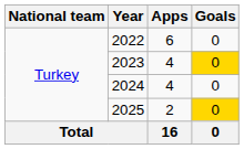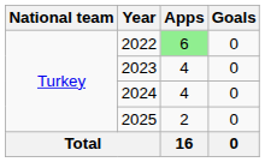 <table class="wikitable" style="text-align:center">
 <tr>
 <th>National team</th>
 <th>Year</th>
 <th>Apps</th>
 <th>Goals</th>
 </tr>
 <tr>
 <td rowspan="4"><a href='#'>Turkey</a></td>
 <td>2022</td>
-<td>6</td>
+<td style="background: lightgreen;">6</td>
 <td>0</td>
 </tr>
 <tr>
 <td>2023</td>
 <td>4</td>
-<td style="background: gold;">0</td>
+<td>0</td>
 </tr>
 <tr>
 <td>2024</td>
 <td>4</td>
 <td>0</td>
 </tr>
 <tr>
 <td>2025</td>
 <td>2</td>
-<td style="background: gold;">0</td>
+<td>0</td>
 </tr>
 <tr>
 <th colspan="2">Total</th>
 <th>16</th>
 <th>0</th>
 </tr>
 </table>
